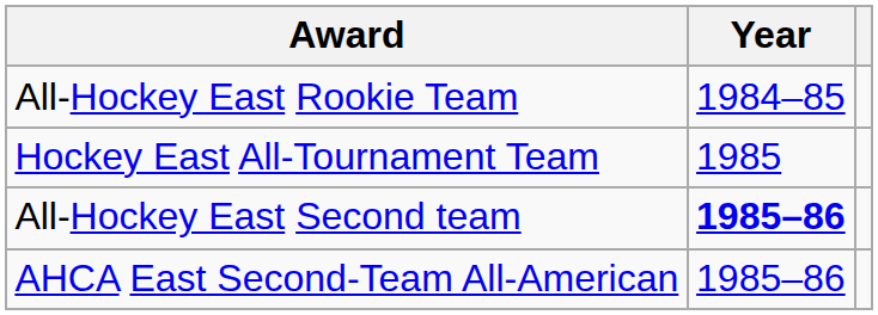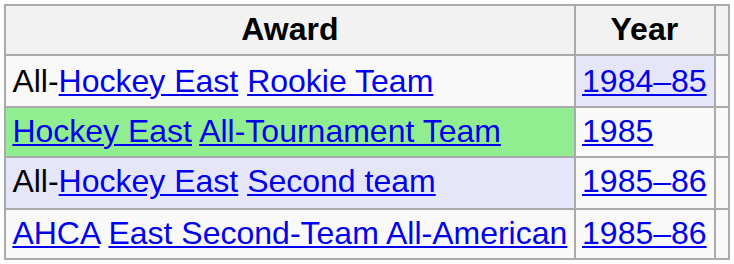 <table class="wikitable">
 <tr>
 <th>Award</th>
 <th>Year</th>
 <th></th>
 </tr>
 <tr>
 <td>All-<a href='#'>Hockey East</a> <a href='#'>Rookie Team</a></td>
-<td><a href='#'>1984–85</a></td>
+<td style="background: lavender;"><a href='#'>1984–85</a></td>
 <td></td>
 </tr>
 <tr>
-<td><a href='#'>Hockey East</a> <a href='#'>All-Tournament Team</a></td>
+<td style="background: lightgreen;"><a href='#'>Hockey East</a> <a href='#'>All-Tournament Team</a></td>
 <td><a href='#'>1985</a></td>
 <td></td>
 </tr>
 <tr>
-<td>All-<a href='#'>Hockey East</a> <a href='#'>Second team</a></td>
-<td><strong><a href='#'>1985–86</a></strong></td>
+<td style="background: lavender;">All-<a href='#'>Hockey East</a> <a href='#'>Second team</a></td>
+<td><a href='#'>1985–86</a></td>
 <td></td>
 </tr>
 <tr>
 <td><a href='#'>AHCA</a> <a href='#'>East Second-Team All-American</a></td>
 <td><a href='#'>1985–86</a></td>
 <td></td>
 </tr>
 <tr>
 </tr>
 </table>
